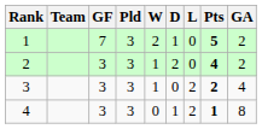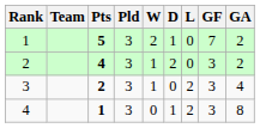 <table class=wikitable>
 <tr>
 <th>Rank</th>
 <th>Team</th>
-<th>GF</th>
+<th>Pts</th>
 <th>Pld</th>
 <th>W</th>
 <th>D</th>
 <th>L</th>
-<th>Pts</th>
+<th>GF</th>
 <th>GA</th>
 </tr>
 <tr style="text-align:center; background:#cfc;">
 <td>1</td>
 <td align=left></td>
-<td>7</td>
+<td><strong>5</strong></td>
 <td>3</td>
 <td>2</td>
 <td>1</td>
 <td>0</td>
-<td><strong>5</strong></td>
+<td>7</td>
 <td>2</td>
 </tr>
 <tr style="text-align:center; background:#cfc;">
 <td>2</td>
 <td align=left></td>
-<td>3</td>
+<td><strong>4</strong></td>
 <td>3</td>
 <td>1</td>
 <td>2</td>
 <td>0</td>
-<td><strong>4</strong></td>
+<td>3</td>
 <td>2</td>
 </tr>
 <tr align=center>
 <td>3</td>
 <td align=left></td>
-<td>3</td>
+<td><strong>2</strong></td>
 <td>3</td>
 <td>1</td>
 <td>0</td>
 <td>2</td>
-<td><strong>2</strong></td>
+<td>3</td>
 <td>4</td>
 </tr>
 <tr align=center>
 <td>4</td>
 <td align=left></td>
-<td>3</td>
+<td><strong>1</strong></td>
 <td>3</td>
 <td>0</td>
 <td>1</td>
 <td>2</td>
-<td><strong>1</strong></td>
+<td>3</td>
 <td>8</td>
 </tr>
 </table>
